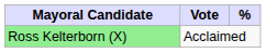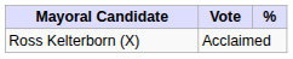 <table class="wikitable">
 <tr>
 <th style="background:#ddf; width:200px;">Mayoral Candidate </th>
 <th style="background:#ddf; width:50px;">Vote</th>
 <th style="background:#ddf; width:30px;">%</th>
 </tr>
 <tr>
-<td style="background: lightgreen;">Ross Kelterborn (X)</td>
+<td>Ross Kelterborn (X)</td>
 <td colspan="2">Acclaimed</td>
 </tr>
 </table>
